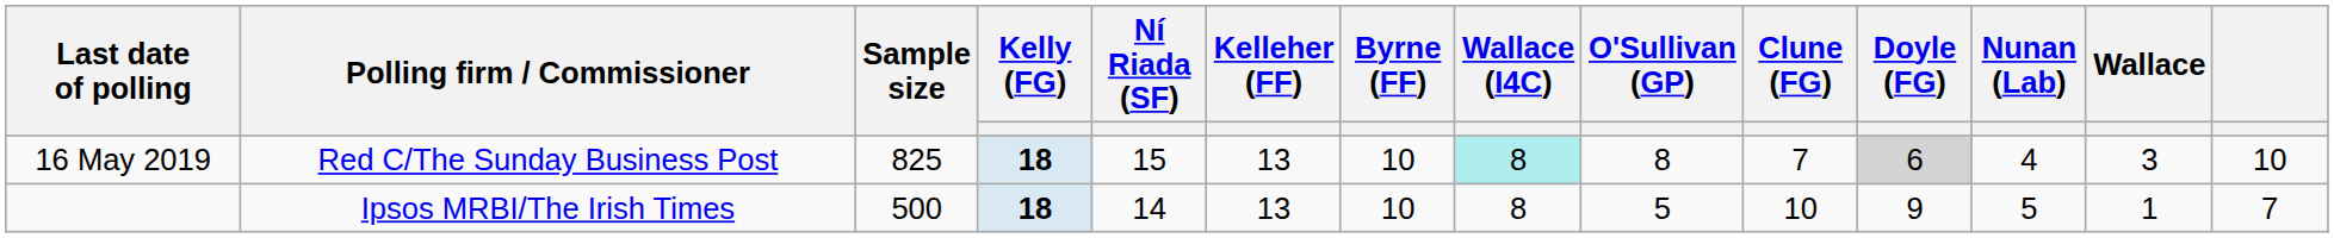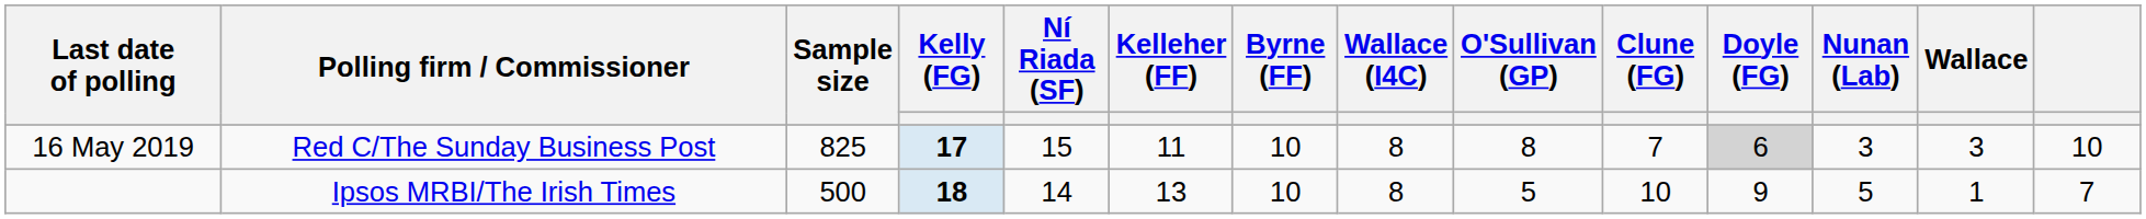 <table class="wikitable sortable collapsible" style="text-align:center;font-size:95%;">
 <tr style="height:42px;">
 <th style="width:110px;" rowspan="2">Last date<br>of polling</th>
 <th style="width:300px;" rowspan="2">Polling firm / Commissioner</th>
 <th class="unsortable" style="width:50px;" rowspan="2">Sample<br>size</th>
 <th class="unsortable" style="width:50px;"><a href='#'>Kelly</a> (<a href='#'>FG</a>)</th>
 <th class="unsortable" style="width:50px;"><a href='#'>Ní Riada</a> (<a href='#'>SF</a>)</th>
 <th class="unsortable" style="width:50px;"><a href='#'>Kelleher</a> (<a href='#'>FF</a>)</th>
 <th class="unsortable" style="width:50px;"><a href='#'>Byrne</a> (<a href='#'>FF</a>)</th>
 <th class="unsortable" style="width:50px;"><a href='#'>Wallace</a> (<a href='#'>I4C</a>)</th>
 <th class="unsortable" style="width:50px;"><a href='#'>O'Sullivan</a> (<a href='#'>GP</a>)</th>
 <th class="unsortable" style="width:50px;"><a href='#'>Clune</a>  (<a href='#'>FG</a>)</th>
 <th class="unsortable" style="width:50px;"><a href='#'>Doyle</a> (<a href='#'>FG</a>)</th>
 <th class="unsortable" style="width:50px;"><a href='#'>Nunan</a> (<a href='#'>Lab</a>)</th>
 <th class="unsortable" style="width:50px;">Wallace </th>
 <th class="unsortable" style="width:50px;"></th>
 </tr>
 <tr>
 <th style="color:inherit;background:"></th>
 <th style="color:inherit;background:"></th>
 <th style="color:inherit;background:"></th>
 <th style="color:inherit;background:"></th>
 <th style="color:inherit;background:"></th>
 <th style="color:inherit;background:"></th>
 <th style="color:inherit;background:"></th>
 <th style="color:inherit;background:"></th>
 <th style="color:inherit;background:"></th>
 <th style="color:inherit;background:"></th>
 <th style="color:inherit;background:"></th>
 </tr>
 <tr>
 <td>16 May 2019</td>
 <td data-sort-value="RedC1"><a href='#'>Red C/The Sunday Business Post</a></td>
 <td>825</td>
-<td style="background:#D9E9F4"><strong>18</strong></td>
+<td style="background:#D9E9F4"><strong>17</strong></td>
 <td>15</td>
-<td>13</td>
+<td>11</td>
 <td>10</td>
-<td style="background: paleturquoise;">8</td>
+<td>8</td>
 <td>8</td>
 <td>7</td>
 <td style="background: lightgrey;">6</td>
-<td>4</td>
+<td>3</td>
 <td>3</td>
 <td>10</td>
 </tr>
 <tr>
 <td></td>
 <td data-sort-value="IpsosMRBI1"><a href='#'>Ipsos MRBI/The Irish Times</a></td>
 <td>500</td>
 <td style="background:#D9E9F4"><strong>18</strong></td>
 <td>14</td>
 <td>13</td>
 <td>10</td>
 <td>8</td>
 <td>5</td>
 <td>10</td>
 <td>9</td>
 <td>5</td>
 <td>1</td>
 <td>7</td>
 </tr>
 </table>
